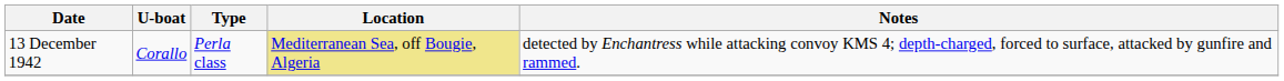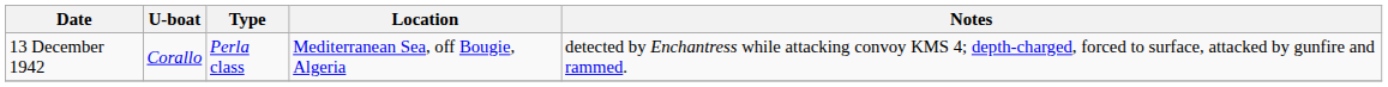 <table class="wikitable">
 <tr>
 <th>Date</th>
 <th>U-boat</th>
 <th>Type</th>
 <th>Location</th>
 <th>Notes</th>
 </tr>
 <tr>
 <td>13 December 1942</td>
 <td><a href='#'><em>Corallo</em></a></td>
 <td><a href='#'><em>Perla</em> class</a></td>
-<td style="background: khaki;"><a href='#'>Mediterranean Sea</a>, off <a href='#'>Bougie</a>, <a href='#'>Algeria</a><br></td>
+<td><a href='#'>Mediterranean Sea</a>, off <a href='#'>Bougie</a>, <a href='#'>Algeria</a><br></td>
 <td>detected by <em>Enchantress</em> while attacking convoy KMS 4; <a href='#'>depth-charged</a>, forced to surface, attacked by gunfire and <a href='#'>rammed</a>.</td>
 </tr>
 <tr>
 </tr>
 </table>
